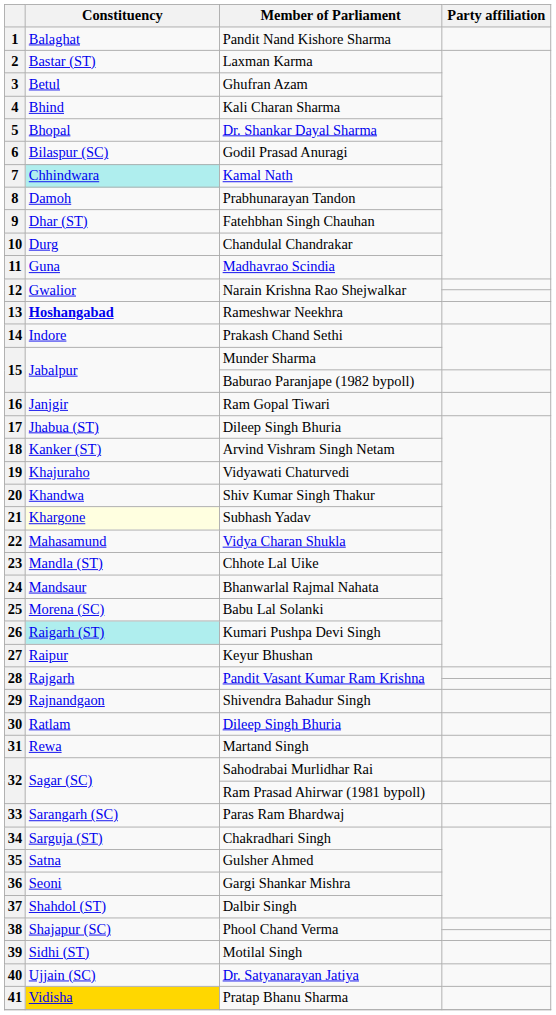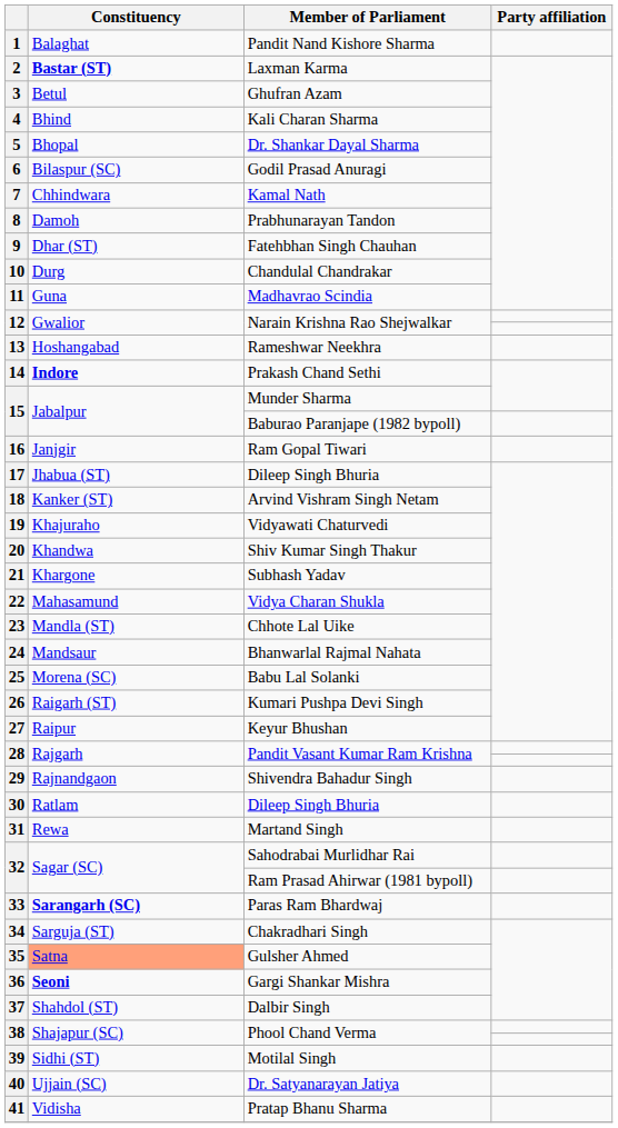 <table class="wikitable sortable">
 <tr style="text-align:center;">
 <th></th>
 <th style="width:13em">Constituency</th>
 <th style="width:15em">Member of Parliament</th>
 <th colspan="2" style="width:15em">Party affiliation</th>
 </tr>
 <tr>
 <th>1</th>
 <td><a href='#'>Balaghat</a></td>
 <td>Pandit Nand Kishore Sharma</td>
 <td></td>
 </tr>
 <tr>
 <th>2</th>
-<td><a href='#'>Bastar (ST)</a></td>
+<td><strong><a href='#'>Bastar (ST)</a></strong></td>
 <td>Laxman Karma</td>
 </tr>
 <tr>
 <th>3</th>
 <td><a href='#'>Betul</a></td>
 <td>Ghufran Azam</td>
 </tr>
 <tr>
 <th>4</th>
 <td><a href='#'>Bhind</a></td>
 <td>Kali Charan Sharma</td>
 </tr>
 <tr>
 <th>5</th>
 <td><a href='#'>Bhopal</a></td>
 <td><a href='#'>Dr. Shankar Dayal Sharma</a></td>
 </tr>
 <tr>
 <th>6</th>
 <td><a href='#'>Bilaspur (SC)</a></td>
 <td>Godil Prasad Anuragi</td>
 </tr>
 <tr>
 <th>7</th>
-<td style="background: paleturquoise;"><a href='#'>Chhindwara</a></td>
+<td><a href='#'>Chhindwara</a></td>
 <td><a href='#'>Kamal Nath</a></td>
 </tr>
 <tr>
 <th>8</th>
 <td><a href='#'>Damoh</a></td>
 <td>Prabhunarayan Tandon</td>
 </tr>
 <tr>
 <th>9</th>
 <td><a href='#'>Dhar (ST)</a></td>
 <td>Fatehbhan Singh Chauhan</td>
 </tr>
 <tr>
 <th>10</th>
 <td><a href='#'>Durg</a></td>
 <td>Chandulal Chandrakar</td>
 </tr>
 <tr>
 <th>11</th>
 <td><a href='#'>Guna</a></td>
 <td><a href='#'>Madhavrao Scindia</a></td>
 </tr>
 <tr>
 <th rowspan=2>12</th>
 <td rowspan=2><a href='#'>Gwalior</a></td>
 <td rowspan=2>Narain Krishna Rao Shejwalkar</td>
 <td></td>
 </tr>
 <tr>
 <td></td>
 </tr>
 <tr>
 <th>13</th>
-<td><strong><a href='#'>Hoshangabad</a></strong></td>
+<td><a href='#'>Hoshangabad</a></td>
 <td>Rameshwar Neekhra</td>
 <td></td>
 </tr>
 <tr>
 <th>14</th>
-<td><a href='#'>Indore</a></td>
+<td><strong><a href='#'>Indore</a></strong></td>
 <td>Prakash Chand Sethi</td>
 </tr>
 <tr>
 <th rowspan=2>15</th>
 <td rowspan=2><a href='#'>Jabalpur</a></td>
 <td>Munder Sharma</td>
 </tr>
 <tr>
 <td>Baburao Paranjape (1982 bypoll)</td>
 <td></td>
 </tr>
 <tr>
 <th>16</th>
 <td><a href='#'>Janjgir</a></td>
 <td>Ram Gopal Tiwari</td>
 <td></td>
 </tr>
 <tr>
 <th>17</th>
 <td><a href='#'>Jhabua (ST)</a></td>
 <td>Dileep Singh Bhuria</td>
 </tr>
 <tr>
 <th>18</th>
 <td><a href='#'>Kanker (ST)</a></td>
 <td>Arvind Vishram Singh Netam</td>
 </tr>
 <tr>
 <th>19</th>
 <td><a href='#'>Khajuraho</a></td>
 <td>Vidyawati Chaturvedi</td>
 </tr>
 <tr>
 <th>20</th>
 <td><a href='#'>Khandwa</a></td>
 <td>Shiv Kumar Singh Thakur</td>
 </tr>
 <tr>
 <th>21</th>
-<td style="background: lightyellow;"><a href='#'>Khargone</a></td>
+<td><a href='#'>Khargone</a></td>
 <td>Subhash Yadav</td>
 </tr>
 <tr>
 <th>22</th>
 <td><a href='#'>Mahasamund</a></td>
 <td><a href='#'>Vidya Charan Shukla</a></td>
 </tr>
 <tr>
 <th>23</th>
 <td><a href='#'>Mandla (ST)</a></td>
 <td>Chhote Lal Uike</td>
 </tr>
 <tr>
 <th>24</th>
 <td><a href='#'>Mandsaur</a></td>
 <td>Bhanwarlal Rajmal Nahata</td>
 </tr>
 <tr>
 <th>25</th>
 <td><a href='#'>Morena (SC)</a></td>
 <td>Babu Lal Solanki</td>
 </tr>
 <tr>
 <th>26</th>
-<td style="background: paleturquoise;"><a href='#'>Raigarh (ST)</a></td>
+<td><a href='#'>Raigarh (ST)</a></td>
 <td>Kumari Pushpa Devi Singh</td>
 </tr>
 <tr>
 <th>27</th>
 <td><a href='#'>Raipur</a></td>
 <td>Keyur Bhushan</td>
 </tr>
 <tr>
 <th rowspan=2>28</th>
 <td rowspan=2><a href='#'>Rajgarh</a></td>
 <td rowspan=2><a href='#'>Pandit Vasant Kumar Ram Krishna</a></td>
 <td></td>
 </tr>
 <tr>
 <td></td>
 </tr>
 <tr>
 <th>29</th>
 <td><a href='#'>Rajnandgaon</a></td>
 <td>Shivendra Bahadur Singh</td>
 <td></td>
 </tr>
 <tr>
 <th>30</th>
 <td><a href='#'>Ratlam</a></td>
 <td><a href='#'>Dileep Singh Bhuria</a></td>
 </tr>
 <tr>
 <th>31</th>
 <td><a href='#'>Rewa</a></td>
 <td>Martand Singh</td>
 <td></td>
 </tr>
 <tr>
 <th rowspan=2>32</th>
 <td rowspan=2><a href='#'>Sagar (SC)</a></td>
 <td>Sahodrabai Murlidhar Rai</td>
 <td></td>
 </tr>
 <tr>
 <td>Ram Prasad Ahirwar (1981 bypoll)</td>
 <td></td>
 </tr>
 <tr>
 <th>33</th>
-<td><a href='#'>Sarangarh (SC)</a></td>
+<td><strong><a href='#'>Sarangarh (SC)</a></strong></td>
 <td>Paras Ram Bhardwaj</td>
 <td></td>
 </tr>
 <tr>
 <th>34</th>
 <td><a href='#'>Sarguja (ST)</a></td>
 <td>Chakradhari Singh</td>
 </tr>
 <tr>
 <th>35</th>
-<td><a href='#'>Satna</a></td>
+<td style="background: lightsalmon;"><a href='#'>Satna</a></td>
 <td>Gulsher Ahmed</td>
 </tr>
 <tr>
 <th>36</th>
-<td><a href='#'>Seoni</a></td>
+<td><strong><a href='#'>Seoni</a></strong></td>
 <td>Gargi Shankar Mishra</td>
 </tr>
 <tr>
 <th>37</th>
 <td><a href='#'>Shahdol (ST)</a></td>
 <td>Dalbir Singh</td>
 </tr>
 <tr>
 <th rowspan=2>38</th>
 <td rowspan=2><a href='#'>Shajapur (SC)</a></td>
 <td rowspan=2>Phool Chand Verma</td>
 <td></td>
 </tr>
 <tr>
 <td></td>
 </tr>
 <tr>
 <th>39</th>
 <td><a href='#'>Sidhi (ST)</a></td>
 <td>Motilal Singh</td>
 <td></td>
 </tr>
 <tr>
 <th>40</th>
 <td><a href='#'>Ujjain (SC)</a></td>
 <td><a href='#'>Dr. Satyanarayan Jatiya</a></td>
 <td></td>
 </tr>
 <tr>
 <th>41</th>
-<td style="background: gold;"><a href='#'>Vidisha</a></td>
+<td><a href='#'>Vidisha</a></td>
 <td>Pratap Bhanu Sharma</td>
 <td></td>
 </tr>
 <tr>
 </tr>
 </table>
